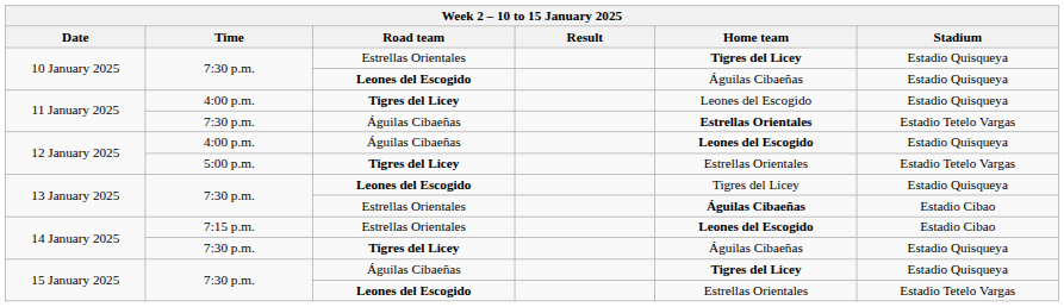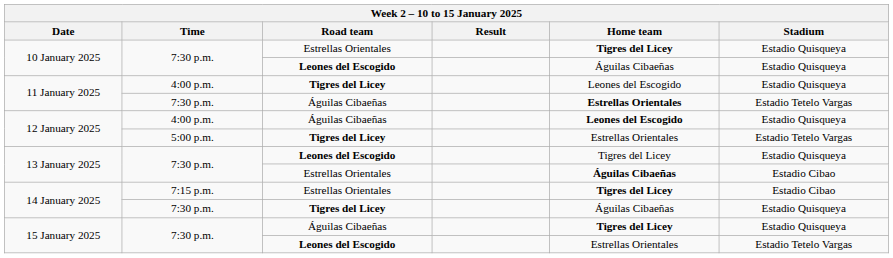 <table class="wikitable collapsible collapsed" style="font-size: 100%; text-align: center; width: 100%;">
 <tr>
 <th colspan="6" style="with: 100%;" align=center>Week 2 – 10 to 15 January 2025</th>
 </tr>
 <tr>
 <th width="50">Date</th>
 <th width="50">Time</th>
 <th width="75">Road team</th>
 <th width="50">Result</th>
 <th width="75">Home team</th>
 <th width="75">Stadium</th>
 </tr>
 <tr>
 <td rowspan="2">10 January 2025</td>
 <td rowspan="2">7:30 p.m.</td>
 <td>Estrellas Orientales</td>
 <td></td>
 <td><strong>Tigres del Licey</strong></td>
 <td>Estadio Quisqueya</td>
 </tr>
 <tr>
 <td><strong>Leones del Escogido</strong></td>
 <td></td>
 <td>Águilas Cibaeñas</td>
 <td>Estadio Quisqueya</td>
 </tr>
 <tr>
 <td rowspan="2">11 January 2025</td>
 <td>4:00 p.m.</td>
 <td><strong>Tigres del Licey</strong></td>
 <td></td>
 <td>Leones del Escogido</td>
 <td>Estadio Quisqueya</td>
 </tr>
 <tr>
 <td>7:30 p.m.</td>
 <td>Águilas Cibaeñas</td>
 <td></td>
 <td><strong>Estrellas Orientales</strong></td>
 <td>Estadio Tetelo Vargas</td>
 </tr>
 <tr>
 <td rowspan="2">12 January 2025</td>
 <td>4:00 p.m.</td>
 <td>Águilas Cibaeñas</td>
 <td></td>
 <td><strong>Leones del Escogido</strong></td>
 <td>Estadio Quisqueya</td>
 </tr>
 <tr>
 <td>5:00 p.m.</td>
 <td><strong>Tigres del Licey</strong></td>
 <td></td>
 <td>Estrellas Orientales</td>
 <td>Estadio Tetelo Vargas</td>
 </tr>
 <tr>
 <td rowspan="2">13 January 2025</td>
 <td rowspan="2">7:30 p.m.</td>
 <td><strong>Leones del Escogido</strong></td>
 <td></td>
 <td>Tigres del Licey</td>
 <td>Estadio Quisqueya</td>
 </tr>
 <tr>
 <td>Estrellas Orientales</td>
 <td></td>
 <td><strong>Águilas Cibaeñas</strong></td>
 <td>Estadio Cibao</td>
 </tr>
 <tr>
 <td rowspan="2">14 January 2025</td>
 <td>7:15 p.m.</td>
 <td>Estrellas Orientales</td>
 <td></td>
-<td><strong>Leones del Escogido</strong></td>
+<td><strong>Tigres del Licey</strong></td>
 <td>Estadio Cibao</td>
 </tr>
 <tr>
 <td>7:30 p.m.</td>
 <td><strong>Tigres del Licey</strong></td>
 <td></td>
 <td>Águilas Cibaeñas</td>
 <td>Estadio Quisqueya</td>
 </tr>
 <tr>
 <td rowspan="2">15 January 2025</td>
 <td rowspan="2">7:30 p.m.</td>
 <td>Águilas Cibaeñas</td>
 <td></td>
 <td><strong>Tigres del Licey</strong></td>
 <td>Estadio Quisqueya</td>
 </tr>
 <tr>
 <td><strong>Leones del Escogido</strong></td>
 <td></td>
 <td>Estrellas Orientales</td>
 <td>Estadio Tetelo Vargas</td>
 </tr>
 </table>
